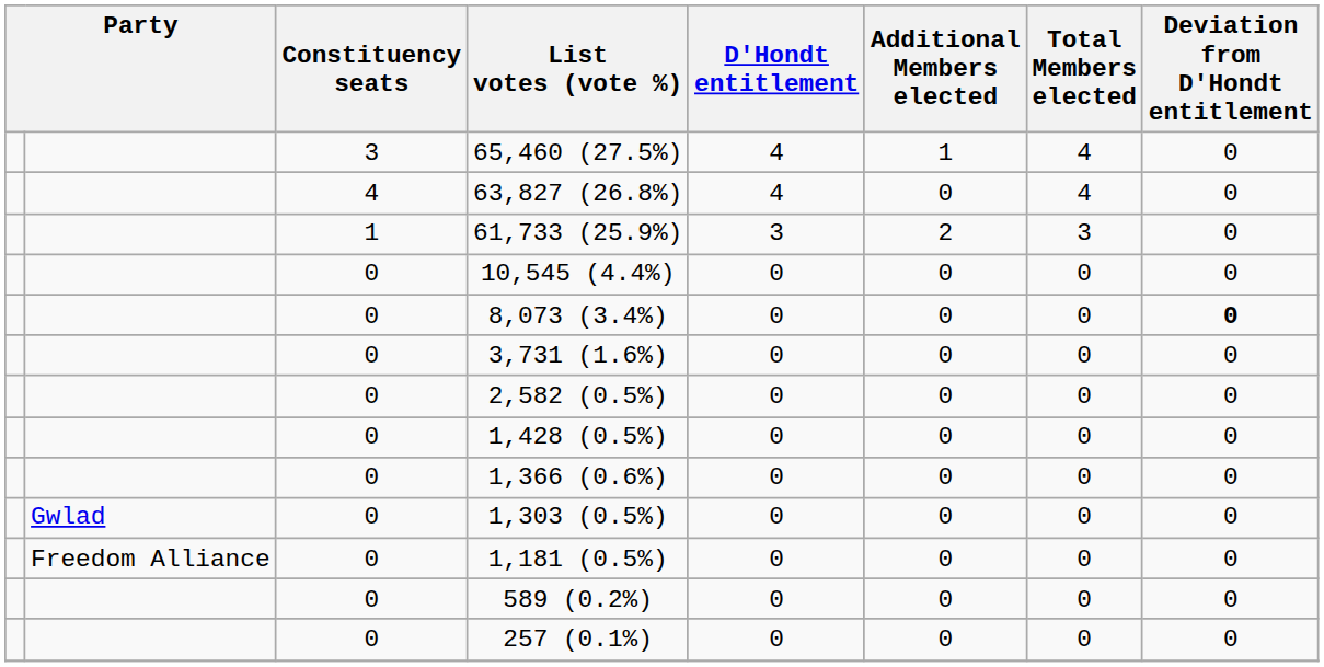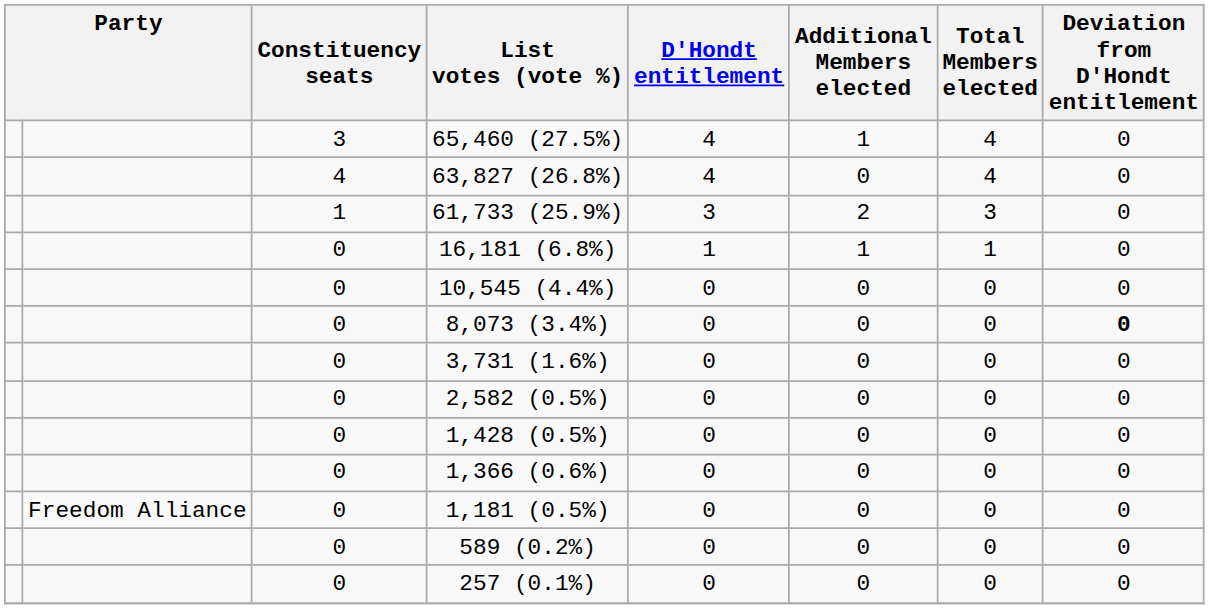 <table class="wikitable" style="text-align:center">
 <tr>
 <th colspan="2" rowspan="1" align="center" valign="top">Party</th>
 <th>Constituency<br>seats</th>
 <th>List<br>votes (vote %)</th>
 <th><a href='#'>D'Hondt<br>entitlement</a></th>
 <th>Additional<br>Members<br>elected</th>
 <th>Total<br>Members<br>elected</th>
 <th>Deviation<br>from<br>D'Hondt<br>entitlement</th>
 </tr>
 <tr>
 <td style="width: 4px"></td>
 <td style="text-align: left;" scope="row"><strong><a href='#'></a></strong></td>
 <td>3</td>
 <td>65,460 (27.5%)</td>
 <td>4</td>
 <td>1</td>
 <td>4</td>
 <td>0</td>
 </tr>
 <tr>
 <td style="width: 4px"></td>
 <td style="text-align: left;" scope="row"><strong><a href='#'></a></strong></td>
 <td>4</td>
 <td>63,827 (26.8%)</td>
 <td>4</td>
 <td>0</td>
 <td>4</td>
 <td>0</td>
 </tr>
 <tr>
 <td style="width: 4px"></td>
 <td style="text-align: left;" scope="row"><strong><a href='#'></a></strong></td>
 <td>1</td>
 <td>61,733 (25.9%)</td>
 <td>3</td>
 <td>2</td>
 <td>3</td>
+<td>0</td>
+</tr>
+<tr>
+<td style="width: 4px"></td>
+<td style="text-align: left;" scope="row"><strong><a href='#'></a></strong></td>
+<td>0</td>
+<td>16,181 (6.8%)</td>
+<td>1</td>
+<td>1</td>
+<td>1</td>
 <td>0</td>
 </tr>
 <tr>
 <td style="width: 4px"></td>
 <td style="text-align: left;" scope="row"><a href='#'></a></td>
 <td>0</td>
 <td>10,545 (4.4%)</td>
 <td>0</td>
 <td>0</td>
 <td>0</td>
 <td>0</td>
 </tr>
 <tr>
 <td style="width: 4px"></td>
 <td style="text-align: left;" scope="row"><a href='#'></a></td>
 <td>0</td>
 <td>8,073 (3.4%)</td>
 <td>0</td>
 <td>0</td>
 <td>0</td>
 <td><strong>0</strong></td>
 </tr>
 <tr>
 <td style="width: 4px"></td>
 <td style="text-align: left;" scope="row"><a href='#'></a></td>
 <td>0</td>
 <td>3,731 (1.6%)</td>
 <td>0</td>
 <td>0</td>
 <td>0</td>
 <td>0</td>
 </tr>
 <tr>
 <td style="width: 4px"></td>
 <td style="text-align: left;" scope="row"><a href='#'></a></td>
 <td>0</td>
 <td>2,582 (0.5%)</td>
 <td>0</td>
 <td>0</td>
 <td>0</td>
 <td>0</td>
 </tr>
 <tr>
 <td style="width: 4px"></td>
 <td style="text-align: left;" scope="row"><a href='#'></a></td>
 <td>0</td>
 <td>1,428 (0.5%)</td>
 <td>0</td>
 <td>0</td>
 <td>0</td>
 <td>0</td>
 </tr>
 <tr>
 <td style="width: 4px"></td>
 <td style="text-align: left;" scope="row"><a href='#'></a></td>
 <td>0</td>
 <td>1,366 (0.6%)</td>
 <td>0</td>
 <td>0</td>
 <td>0</td>
 <td>0</td>
 </tr>
 <tr>
 <td style="width: 4px"></td>
-<td style="text-align: left;" scope="row"><a href='#'>Gwlad</a></td>
-<td>0</td>
-<td>1,303 (0.5%)</td>
-<td>0</td>
-<td>0</td>
-<td>0</td>
-<td>0</td>
-</tr>
-<tr>
-<td style="width: 4px"></td>
 <td style="text-align: left;" scope="row">Freedom Alliance</td>
 <td>0</td>
 <td>1,181 (0.5%)</td>
 <td>0</td>
 <td>0</td>
 <td>0</td>
 <td>0</td>
 </tr>
 <tr>
 <td style="width: 4px"></td>
 <td style="text-align: left;" scope="row"><a href='#'></a></td>
 <td>0</td>
 <td>589 (0.2%)</td>
 <td>0</td>
 <td>0</td>
 <td>0</td>
 <td>0</td>
 </tr>
 <tr>
 <td style="width: 4px"></td>
 <td style="text-align: left;" scope="row"><a href='#'></a></td>
 <td>0</td>
 <td>257 (0.1%)</td>
 <td>0</td>
 <td>0</td>
 <td>0</td>
 <td>0</td>
 </tr>
 <tr>
 </tr>
 </table>
